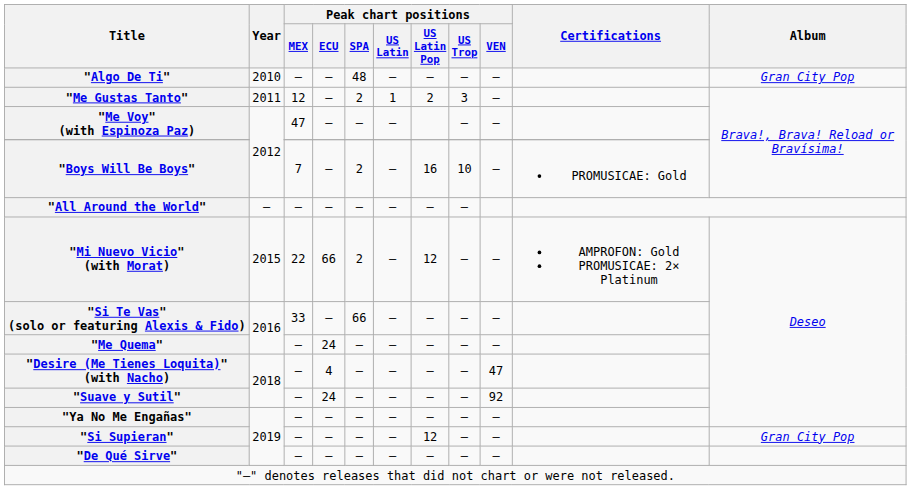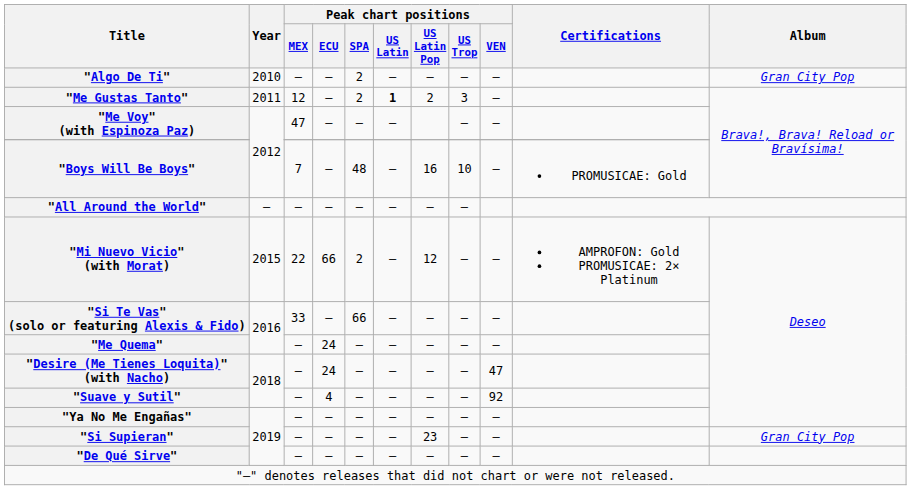 <table class="wikitable plainrowheaders" style="text-align:center;">
 <tr>
 <th scope="col" rowspan="2" style="width:20em;">Title</th>
 <th scope="col" rowspan="2">Year</th>
 <th scope="col" colspan="7">Peak chart positions</th>
 <th scope="col" rowspan="2" style="width:16em;"><a href='#'>Certifications</a></th>
 <th scope="col" rowspan="2" style="width:16em;">Album</th>
 </tr>
 <tr>
 <th scope="col" style="width:2.2em;font-size:90%;"><a href='#'>MEX</a><br></th>
 <th scope="col" style="width:2.5em;font-size:90%;"><a href='#'>ECU</a><br></th>
 <th scope="col" style="width:2.2em;font-size:90%;"><a href='#'>SPA</a><br></th>
 <th scope="col" style="width:2.2em;font-size:90%;"><a href='#'>US<br>Latin</a><br></th>
 <th scope="col" style="width:2.2em;font-size:90%;"><a href='#'>US<br>Latin Pop</a><br></th>
 <th scope="col" style="width:2.2em;font-size:90%;"><a href='#'>US<br>Trop</a><br></th>
 <th scope="col" style="width:2.5em;font-size:90%;"><a href='#'>VEN</a><br></th>
 </tr>
 <tr>
 <th scope="row">"<a href='#'>Algo De Ti</a>"</th>
 <td>2010</td>
 <td>—</td>
 <td>—</td>
-<td>48</td>
+<td>2</td>
 <td>—</td>
 <td>—</td>
 <td>—</td>
 <td>—</td>
 <td></td>
 <td><em><a href='#'>Gran City Pop</a></em></td>
 </tr>
 <tr>
 <th scope="row">"<a href='#'>Me Gustas Tanto</a>"</th>
 <td>2011</td>
 <td>12</td>
 <td>—</td>
 <td>2</td>
-<td>1</td>
+<td><strong>1</strong></td>
 <td>2</td>
 <td>3</td>
 <td>—</td>
 <td></td>
 <td rowspan="4"><em><a href='#'>Brava!, Brava! Reload or Bravísima!</a></em></td>
 </tr>
 <tr>
 <th scope="row">"<a href='#'>Me Voy</a>"<br><span>(with <a href='#'>Espinoza Paz</a>)</span></th>
 <td rowspan="3">2012</td>
 <td>47</td>
 <td>—</td>
 <td>—</td>
 <td>—</td>
 <td></td>
 <td>—</td>
 <td>—</td>
 <td></td>
 </tr>
 <tr>
 </tr>
 <tr>
 <th scope="row">"<a href='#'>Boys Will Be Boys</a>"</th>
 <td>7</td>
 <td>—</td>
-<td>2</td>
+<td>48</td>
 <td>—</td>
 <td>16</td>
 <td>10</td>
 <td>—</td>
 <td><br><ul><li>PROMUSICAE: Gold</li></ul></td>
 </tr>
 <tr>
 <th scope="row">"<a href='#'>All Around the World</a>"</th>
 <td>—</td>
 <td>—</td>
 <td>—</td>
 <td>—</td>
 <td>—</td>
 <td>—</td>
 <td>—</td>
 <td></td>
 </tr>
 <tr>
 <th scope="row">"<a href='#'>Mi Nuevo Vicio</a>"<br><span>(with <a href='#'>Morat</a>)</span></th>
 <td>2015</td>
 <td>22</td>
 <td>66</td>
 <td>2</td>
 <td>—</td>
 <td>12</td>
 <td>—</td>
 <td>—</td>
 <td><br><ul><li>AMPROFON: Gold</li><li>PROMUSICAE: 2× Platinum</li></ul></td>
 <td rowspan="6"><em><a href='#'>Deseo</a></em></td>
 </tr>
 <tr>
 <th scope="row">"<a href='#'>Si Te Vas</a>"<br><span>(solo or featuring <a href='#'>Alexis & Fido</a>)</span></th>
 <td rowspan="2">2016</td>
 <td>33</td>
 <td>—</td>
 <td>66</td>
 <td>—</td>
 <td>—</td>
 <td>—</td>
 <td>—</td>
 <td></td>
 </tr>
 <tr>
 <th scope="row">"<a href='#'>Me Quema</a>"</th>
 <td>—</td>
 <td>24</td>
 <td>—</td>
 <td>—</td>
 <td>—</td>
 <td>—</td>
 <td>—</td>
 <td></td>
 </tr>
 <tr>
 <th scope="row">"<a href='#'>Desire (Me Tienes Loquita)</a>"<br><span>(with <a href='#'>Nacho</a>)</span></th>
 <td rowspan="2">2018</td>
 <td>—</td>
-<td>4</td>
+<td>24</td>
 <td>—</td>
 <td>—</td>
 <td>—</td>
 <td>—</td>
 <td>47</td>
 <td></td>
 </tr>
 <tr>
 <th scope="row">"<a href='#'>Suave y Sutil</a>"</th>
 <td>—</td>
-<td>24</td>
+<td>4</td>
 <td>—</td>
 <td>—</td>
 <td>—</td>
 <td>—</td>
 <td>92</td>
 <td></td>
 </tr>
 <tr>
 <th scope="row">"Ya No Me Engañas"</th>
 <td rowspan="3">2019</td>
 <td>—</td>
 <td>—</td>
 <td>—</td>
 <td>—</td>
 <td>—</td>
 <td>—</td>
 <td>—</td>
 <td></td>
 </tr>
 <tr>
 <th scope="row">"<a href='#'>Si Supieran</a>"</th>
 <td>—</td>
 <td>—</td>
 <td>—</td>
 <td>—</td>
-<td>12</td>
+<td>23</td>
 <td>—</td>
 <td>—</td>
 <td></td>
 <td><em><a href='#'>Gran City Pop</a></em></td>
 </tr>
 <tr>
 <th scope="row">"<a href='#'>De Qué Sirve</a>"</th>
 <td>—</td>
 <td>—</td>
 <td>—</td>
 <td>—</td>
 <td>—</td>
 <td>—</td>
 <td>—</td>
 <td></td>
 </tr>
 <tr>
 <td colspan="20">"—" denotes releases that did not chart or were not released.</td>
 </tr>
 </table>
